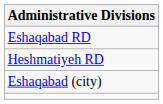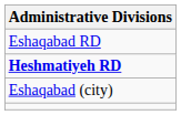 <table class="wikitable">
 <tr>
 <th>Administrative Divisions</th>
 </tr>
 <tr>
 <td><a href='#'>Eshaqabad RD</a></td>
 </tr>
 <tr>
-<td><a href='#'>Heshmatiyeh RD</a></td>
+<td><strong><a href='#'>Heshmatiyeh RD</a></strong></td>
 </tr>
 <tr>
 <td><a href='#'>Eshaqabad</a> (city)</td>
 </tr>
 <tr>
 <td colspan=1></td>
 </tr>
 </table>
